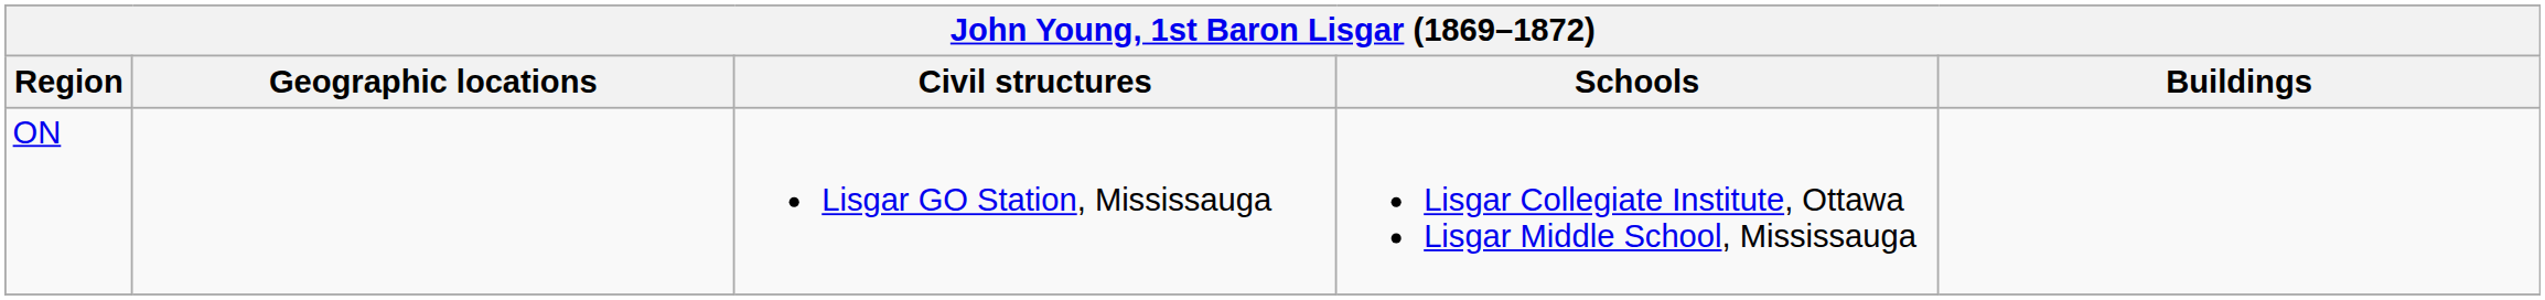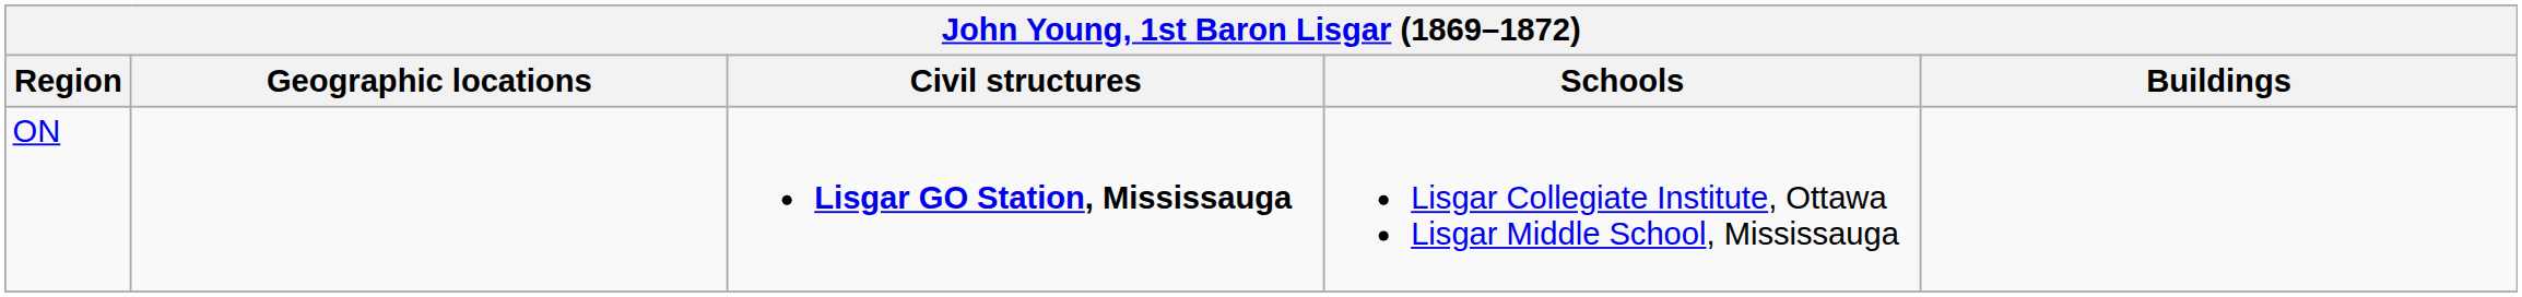 <table class="wikitable" width="100%">
 <tr>
 <th colspan="5"> <a href='#'>John Young, 1st Baron Lisgar</a> (1869–1872)</th>
 </tr>
 <tr>
 <th width="5%">Region</th>
 <th width="23.75%">Geographic locations</th>
 <th width="23.75%">Civil structures</th>
 <th width="23.75%">Schools</th>
 <th width="23.75%">Buildings</th>
 </tr>
 <tr>
 <td align=left valign=top> <a href='#'>ON</a></td>
 <td></td>
-<td align=left valign=top><br><ul><li><a href='#'>Lisgar GO Station</a>, Mississauga</li></ul></td>
+<td align=left valign=top><strong><br><ul><li><a href='#'>Lisgar GO Station</a>, Mississauga</li></ul></strong></td>
 <td align=left valign=top><br><ul><li><a href='#'>Lisgar Collegiate Institute</a>, Ottawa</li><li><a href='#'>Lisgar Middle School</a>, Mississauga</li></ul></td>
 <td></td>
 </tr>
 </table>
